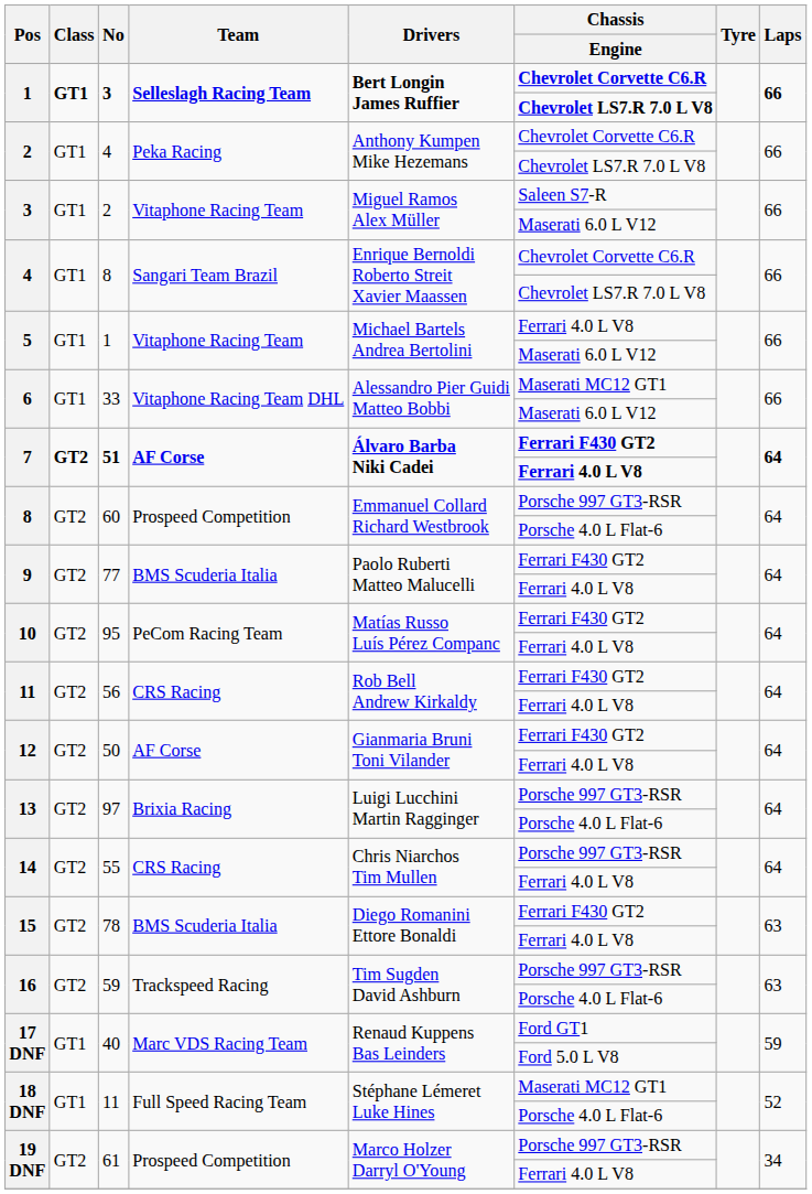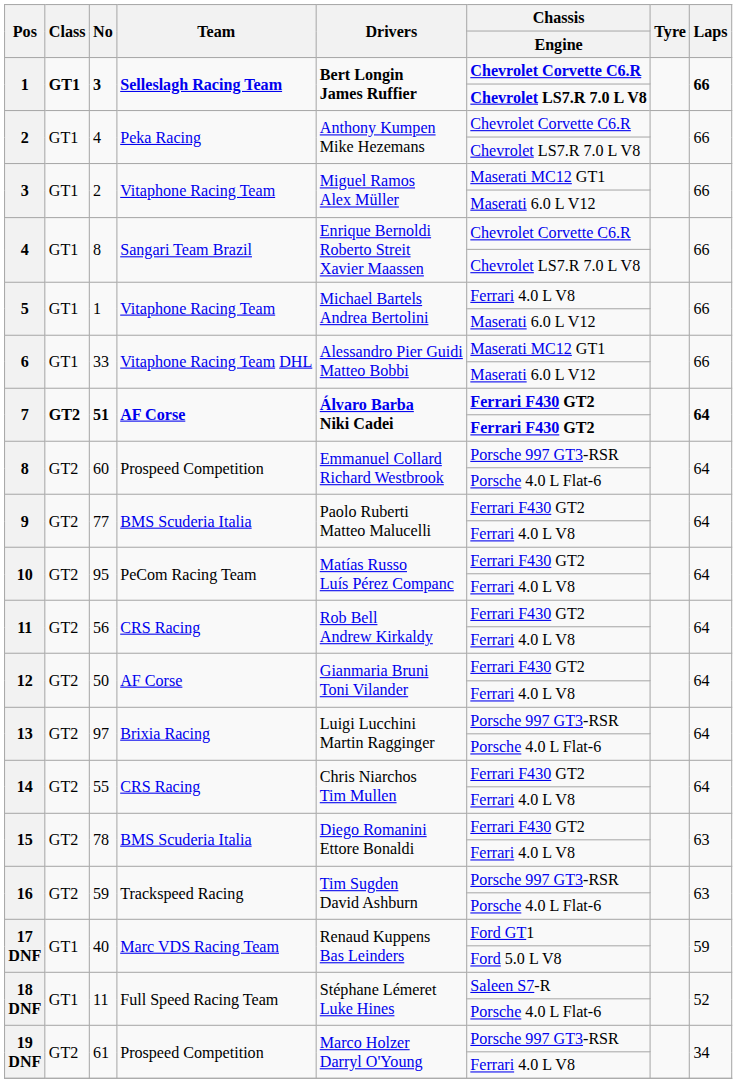 <table class="wikitable" style="font-size: 95%;">
 <tr>
 <th rowspan=2>Pos</th>
 <th rowspan=2>Class</th>
 <th rowspan=2>No</th>
 <th rowspan=2>Team</th>
 <th rowspan=2>Drivers</th>
 <th>Chassis</th>
 <th rowspan=2>Tyre</th>
 <th rowspan=2>Laps</th>
 </tr>
 <tr>
 <th>Engine</th>
 </tr>
 <tr style="font-weight:bold">
 <th rowspan=2>1</th>
 <td rowspan=2>GT1</td>
 <td rowspan=2>3</td>
 <td rowspan=2> <a href='#'>Selleslagh Racing Team</a></td>
 <td rowspan=2> Bert Longin<br> James Ruffier</td>
 <td><a href='#'>Chevrolet Corvette C6.R</a></td>
 <td rowspan=2></td>
 <td rowspan=2>66</td>
 </tr>
 <tr style="font-weight:bold">
 <td><a href='#'>Chevrolet</a> LS7.R 7.0 L V8</td>
 </tr>
 <tr>
 <th rowspan=2>2</th>
 <td rowspan=2>GT1</td>
 <td rowspan=2>4</td>
 <td rowspan=2> <a href='#'>Peka Racing</a></td>
 <td rowspan=2> <a href='#'>Anthony Kumpen</a><br> Mike Hezemans</td>
 <td><a href='#'>Chevrolet Corvette C6.R</a></td>
 <td rowspan=2></td>
 <td rowspan=2>66</td>
 </tr>
 <tr>
 <td><a href='#'>Chevrolet</a> LS7.R 7.0 L V8</td>
 </tr>
 <tr>
 <th rowspan=2>3</th>
 <td rowspan=2>GT1</td>
 <td rowspan=2>2</td>
 <td rowspan=2> <a href='#'>Vitaphone Racing Team</a></td>
 <td rowspan=2> <a href='#'>Miguel Ramos</a><br> <a href='#'>Alex Müller</a></td>
-<td><a href='#'>Saleen S7</a>-R</td>
+<td><a href='#'>Maserati MC12</a> GT1</td>
 <td rowspan=2></td>
 <td rowspan=2>66</td>
 </tr>
 <tr>
 <td><a href='#'>Maserati</a> 6.0 L V12</td>
 </tr>
 <tr>
 <th rowspan=2>4</th>
 <td rowspan=2>GT1</td>
 <td rowspan=2>8</td>
 <td rowspan=2> <a href='#'>Sangari Team Brazil</a></td>
 <td rowspan=2> <a href='#'>Enrique Bernoldi</a><br> <a href='#'>Roberto Streit</a><br> <a href='#'>Xavier Maassen</a></td>
 <td><a href='#'>Chevrolet Corvette C6.R</a></td>
 <td rowspan=2></td>
 <td rowspan=2>66</td>
 </tr>
 <tr>
 <td><a href='#'>Chevrolet</a> LS7.R 7.0 L V8</td>
 </tr>
 <tr>
 <th rowspan=2>5</th>
 <td rowspan=2>GT1</td>
 <td rowspan=2>1</td>
 <td rowspan=2> <a href='#'>Vitaphone Racing Team</a></td>
 <td rowspan=2> <a href='#'>Michael Bartels</a><br> <a href='#'>Andrea Bertolini</a></td>
 <td><a href='#'>Ferrari</a> 4.0 L V8</td>
 <td rowspan=2></td>
 <td rowspan=2>66</td>
 </tr>
 <tr>
 <td><a href='#'>Maserati</a> 6.0 L V12</td>
 </tr>
 <tr>
 <th rowspan=2>6</th>
 <td rowspan=2>GT1</td>
 <td rowspan=2>33</td>
 <td rowspan=2> <a href='#'>Vitaphone Racing Team</a> <a href='#'>DHL</a></td>
 <td rowspan=2> <a href='#'>Alessandro Pier Guidi</a><br> <a href='#'>Matteo Bobbi</a></td>
 <td><a href='#'>Maserati MC12</a> GT1</td>
 <td rowspan=2></td>
 <td rowspan=2>66</td>
 </tr>
 <tr>
 <td><a href='#'>Maserati</a> 6.0 L V12</td>
 </tr>
 <tr style="font-weight:bold">
 <th rowspan=2>7</th>
 <td rowspan=2>GT2</td>
 <td rowspan=2>51</td>
 <td rowspan=2> <a href='#'>AF Corse</a></td>
 <td rowspan=2> <a href='#'>Álvaro Barba</a><br> Niki Cadei</td>
 <td><a href='#'>Ferrari F430</a> GT2</td>
 <td rowspan=2></td>
 <td rowspan=2>64</td>
 </tr>
 <tr style="font-weight:bold">
-<td><a href='#'>Ferrari</a> 4.0 L V8</td>
+<td><a href='#'>Ferrari F430</a> GT2</td>
 </tr>
 <tr>
 <th rowspan=2>8</th>
 <td rowspan=2>GT2</td>
 <td rowspan=2>60</td>
 <td rowspan=2> Prospeed Competition</td>
 <td rowspan=2> <a href='#'>Emmanuel Collard</a><br> <a href='#'>Richard Westbrook</a></td>
 <td><a href='#'>Porsche 997 GT3</a>-RSR</td>
 <td rowspan=2></td>
 <td rowspan=2>64</td>
 </tr>
 <tr>
 <td><a href='#'>Porsche</a> 4.0 L Flat-6</td>
 </tr>
 <tr>
 <th rowspan=2>9</th>
 <td rowspan=2>GT2</td>
 <td rowspan=2>77</td>
 <td rowspan=2> <a href='#'>BMS Scuderia Italia</a></td>
 <td rowspan=2> Paolo Ruberti<br> Matteo Malucelli</td>
 <td><a href='#'>Ferrari F430</a> GT2</td>
 <td rowspan=2></td>
 <td rowspan=2>64</td>
 </tr>
 <tr>
 <td><a href='#'>Ferrari</a> 4.0 L V8</td>
 </tr>
 <tr>
 <th rowspan=2>10</th>
 <td rowspan=2>GT2</td>
 <td rowspan=2>95</td>
 <td rowspan=2> PeCom Racing Team</td>
 <td rowspan=2> <a href='#'>Matías Russo</a><br> <a href='#'>Luís Pérez Companc</a></td>
 <td><a href='#'>Ferrari F430</a> GT2</td>
 <td rowspan=2></td>
 <td rowspan=2>64</td>
 </tr>
 <tr>
 <td><a href='#'>Ferrari</a> 4.0 L V8</td>
 </tr>
 <tr>
 <th rowspan=2>11</th>
 <td rowspan=2>GT2</td>
 <td rowspan=2>56</td>
 <td rowspan=2> <a href='#'>CRS Racing</a></td>
 <td rowspan=2> <a href='#'>Rob Bell</a><br> <a href='#'>Andrew Kirkaldy</a></td>
 <td><a href='#'>Ferrari F430</a> GT2</td>
 <td rowspan=2></td>
 <td rowspan=2>64</td>
 </tr>
 <tr>
 <td><a href='#'>Ferrari</a> 4.0 L V8</td>
 </tr>
 <tr>
 <th rowspan=2>12</th>
 <td rowspan=2>GT2</td>
 <td rowspan=2>50</td>
 <td rowspan=2> <a href='#'>AF Corse</a></td>
 <td rowspan=2> <a href='#'>Gianmaria Bruni</a><br> <a href='#'>Toni Vilander</a></td>
 <td><a href='#'>Ferrari F430</a> GT2</td>
 <td rowspan=2></td>
 <td rowspan=2>64</td>
 </tr>
 <tr>
 <td><a href='#'>Ferrari</a> 4.0 L V8</td>
 </tr>
 <tr>
 <th rowspan=2>13</th>
 <td rowspan=2>GT2</td>
 <td rowspan=2>97</td>
 <td rowspan=2> <a href='#'>Brixia Racing</a></td>
 <td rowspan=2> Luigi Lucchini<br> Martin Ragginger</td>
 <td><a href='#'>Porsche 997 GT3</a>-RSR</td>
 <td rowspan=2></td>
 <td rowspan=2>64</td>
 </tr>
 <tr>
 <td><a href='#'>Porsche</a> 4.0 L Flat-6</td>
 </tr>
 <tr>
 <th rowspan=2>14</th>
 <td rowspan=2>GT2</td>
 <td rowspan=2>55</td>
 <td rowspan=2> <a href='#'>CRS Racing</a></td>
 <td rowspan=2> Chris Niarchos<br> <a href='#'>Tim Mullen</a></td>
-<td><a href='#'>Porsche 997 GT3</a>-RSR</td>
+<td><a href='#'>Ferrari F430</a> GT2</td>
 <td rowspan=2></td>
 <td rowspan=2>64</td>
 </tr>
 <tr>
 <td><a href='#'>Ferrari</a> 4.0 L V8</td>
 </tr>
 <tr>
 <th rowspan=2>15</th>
 <td rowspan=2>GT2</td>
 <td rowspan=2>78</td>
 <td rowspan=2> <a href='#'>BMS Scuderia Italia</a></td>
 <td rowspan=2> <a href='#'>Diego Romanini</a><br> Ettore Bonaldi</td>
 <td><a href='#'>Ferrari F430</a> GT2</td>
 <td rowspan=2></td>
 <td rowspan=2>63</td>
 </tr>
 <tr>
 <td><a href='#'>Ferrari</a> 4.0 L V8</td>
 </tr>
 <tr>
 <th rowspan=2>16</th>
 <td rowspan=2>GT2</td>
 <td rowspan=2>59</td>
 <td rowspan=2> Trackspeed Racing</td>
 <td rowspan=2> <a href='#'>Tim Sugden</a><br> David Ashburn</td>
 <td><a href='#'>Porsche 997 GT3</a>-RSR</td>
 <td rowspan=2></td>
 <td rowspan=2>63</td>
 </tr>
 <tr>
 <td><a href='#'>Porsche</a> 4.0 L Flat-6</td>
 </tr>
 <tr>
 <th rowspan=2>17<br>DNF</th>
 <td rowspan=2>GT1</td>
 <td rowspan=2>40</td>
 <td rowspan=2> <a href='#'>Marc VDS Racing Team</a></td>
 <td rowspan=2> Renaud Kuppens<br> <a href='#'>Bas Leinders</a></td>
 <td><a href='#'>Ford GT</a>1</td>
 <td rowspan=2></td>
 <td rowspan=2>59</td>
 </tr>
 <tr>
 <td><a href='#'>Ford</a> 5.0 L V8</td>
 </tr>
 <tr>
 <th rowspan=2>18<br>DNF</th>
 <td rowspan=2>GT1</td>
 <td rowspan=2>11</td>
 <td rowspan=2> Full Speed Racing Team</td>
 <td rowspan=2> Stéphane Lémeret<br> <a href='#'>Luke Hines</a></td>
-<td><a href='#'>Maserati MC12</a> GT1</td>
+<td><a href='#'>Saleen S7</a>-R</td>
 <td rowspan=2></td>
 <td rowspan=2>52</td>
 </tr>
 <tr>
 <td><a href='#'>Porsche</a> 4.0 L Flat-6</td>
 </tr>
 <tr>
 <th rowspan=2>19<br>DNF</th>
 <td rowspan=2>GT2</td>
 <td rowspan=2>61</td>
 <td rowspan=2> Prospeed Competition</td>
 <td rowspan=2> <a href='#'>Marco Holzer</a><br> <a href='#'>Darryl O'Young</a></td>
 <td><a href='#'>Porsche 997 GT3</a>-RSR</td>
 <td rowspan=2></td>
 <td rowspan=2>34</td>
 </tr>
 <tr>
 <td><a href='#'>Ferrari</a> 4.0 L V8</td>
 </tr>
 <tr>
 </tr>
 </table>
